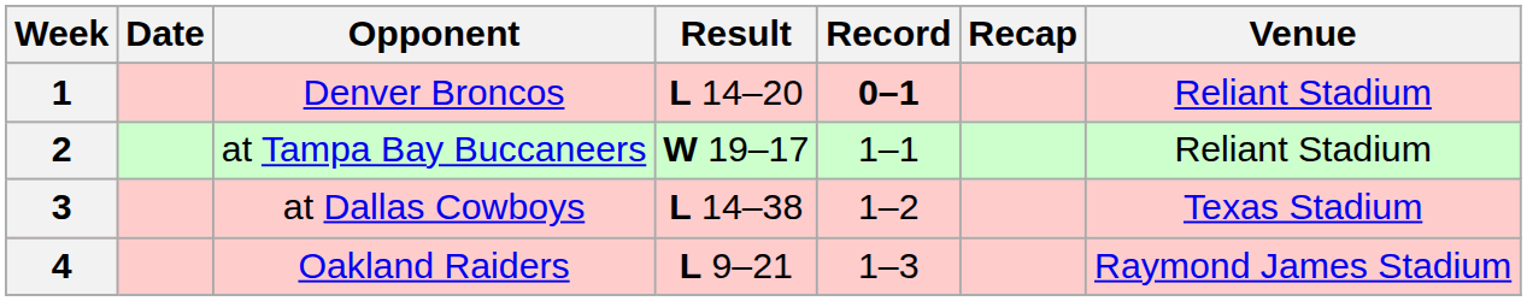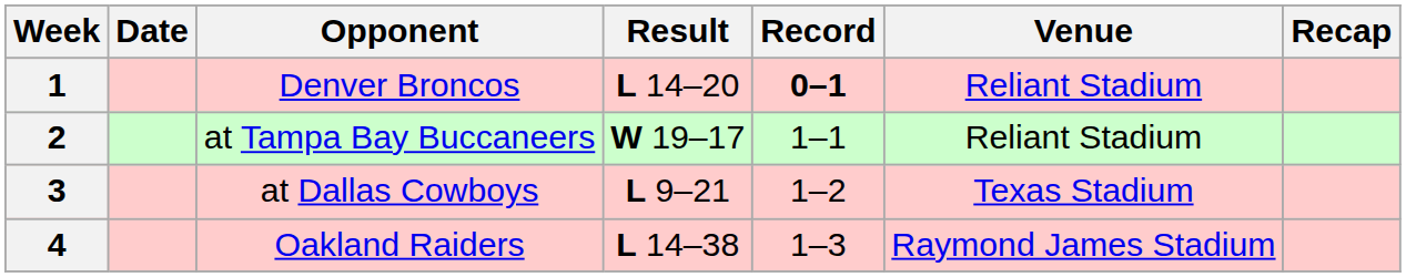 <table class="wikitable" style="text-align:center">
 <tr>
 <th>Week</th>
 <th>Date</th>
 <th>Opponent</th>
 <th>Result</th>
 <th>Record</th>
+<th>Venue</th>
 <th>Recap</th>
-<th>Venue</th>
 </tr>
 <tr style="background:#fcc">
 <th>1</th>
 <td></td>
 <td><a href='#'>Denver Broncos</a></td>
 <td><strong>L</strong> 14–20</td>
 <td><strong>0–1</strong></td>
+<td><a href='#'>Reliant Stadium</a></td>
 <td></td>
-<td><a href='#'>Reliant Stadium</a></td>
 </tr>
 <tr style="background:#cfc">
 <th>2</th>
 <td></td>
 <td>at <a href='#'>Tampa Bay Buccaneers</a></td>
 <td><strong>W</strong> 19–17</td>
 <td>1–1</td>
+<td>Reliant Stadium</td>
 <td></td>
-<td>Reliant Stadium</td>
 </tr>
 <tr style="background:#fcc">
 <th>3</th>
 <td></td>
 <td>at <a href='#'>Dallas Cowboys</a></td>
-<td><strong>L</strong> 14–38</td>
+<td><strong>L</strong> 9–21</td>
 <td>1–2</td>
+<td><a href='#'>Texas Stadium</a></td>
 <td></td>
-<td><a href='#'>Texas Stadium</a></td>
 </tr>
 <tr style="background:#fcc">
 <th>4</th>
 <td></td>
 <td><a href='#'>Oakland Raiders</a></td>
-<td><strong>L</strong> 9–21</td>
+<td><strong>L</strong> 14–38</td>
 <td>1–3</td>
+<td><a href='#'>Raymond James Stadium</a></td>
 <td></td>
-<td><a href='#'>Raymond James Stadium</a></td>
 </tr>
 </table>
